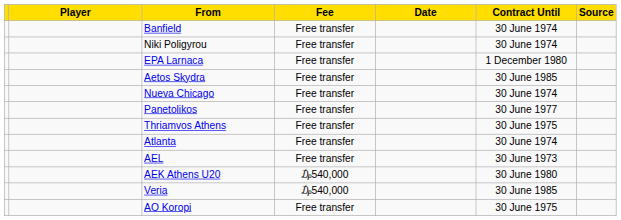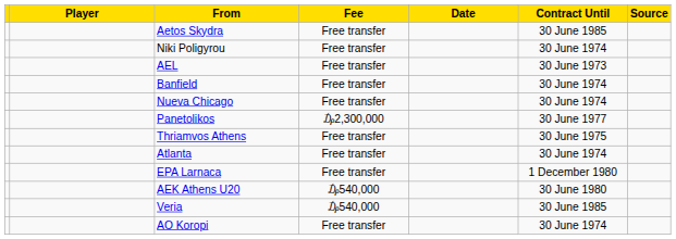 <table class="wikitable sortable">
 <tr>
 <th style="background:#FFDE00"></th>
 <th width=200 style="background:#FFDE00">Player</th>
 <th width=200 style="background:#FFDE00">From</th>
 <th width=150 style="background:#FFDE00">Fee</th>
 <th width=150 style="background:#FFDE00">Date</th>
 <th width=150 style="background:#FFDE00">Contract Until</th>
 <th style="background:#FFDE00">Source</th>
 </tr>
 <tr>
 <td align=center></td>
 <td></td>
-<td> <a href='#'>Banfield</a></td>
+<td> <a href='#'>Aetos Skydra</a></td>
 <td align=center>Free transfer</td>
 <td align=center></td>
-<td align=center>30 June 1974</td>
+<td align=center>30 June 1985</td>
 <td align=center></td>
 </tr>
 <tr>
 <td align=center></td>
 <td></td>
 <td> Niki Poligyrou</td>
 <td align=center>Free transfer</td>
 <td align=center></td>
 <td align=center>30 June 1974</td>
 <td align=center></td>
 </tr>
 <tr>
 <td align=center></td>
 <td></td>
-<td> <a href='#'>EPA Larnaca</a></td>
+<td> <a href='#'>AEL</a></td>
 <td align=center>Free transfer</td>
 <td align=center></td>
-<td align=center>1 December 1980</td>
+<td align=center>30 June 1973</td>
 <td align=center></td>
 </tr>
 <tr>
 <td align=center></td>
 <td></td>
-<td> <a href='#'>Aetos Skydra</a></td>
+<td> <a href='#'>Banfield</a></td>
 <td align=center>Free transfer</td>
 <td align=center></td>
-<td align=center>30 June 1985</td>
+<td align=center>30 June 1974</td>
 <td align=center></td>
 </tr>
 <tr>
 <td align=center></td>
 <td></td>
 <td> <a href='#'>Nueva Chicago</a></td>
 <td align=center>Free transfer</td>
 <td align=center></td>
 <td align=center>30 June 1974</td>
 <td align=center></td>
 </tr>
 <tr>
 <td align=center></td>
 <td></td>
 <td> <a href='#'>Panetolikos</a></td>
-<td align=center>Free transfer</td>
+<td align=center>₯2,300,000</td>
 <td align=center></td>
 <td align=center>30 June 1977</td>
 <td align=center></td>
 </tr>
 <tr>
 <td align=center></td>
 <td></td>
 <td> <a href='#'>Thriamvos Athens</a></td>
 <td align=center>Free transfer</td>
 <td align=center></td>
 <td align=center>30 June 1975</td>
 <td align=center></td>
 </tr>
 <tr>
 <td align=center></td>
 <td></td>
 <td> <a href='#'>Atlanta</a></td>
 <td align=center>Free transfer</td>
 <td align=center></td>
 <td align=center>30 June 1974</td>
 <td align=center></td>
 </tr>
 <tr>
 <td align=center></td>
 <td></td>
-<td> <a href='#'>AEL</a></td>
+<td> <a href='#'>EPA Larnaca</a></td>
 <td align=center>Free transfer</td>
 <td align=center></td>
-<td align=center>30 June 1973</td>
+<td align=center>1 December 1980</td>
 <td align=center></td>
 </tr>
 <tr>
 <td align=center></td>
 <td></td>
 <td> <a href='#'>AEK Athens U20</a></td>
 <td align=center>₯540,000</td>
 <td align=center></td>
 <td align=center>30 June 1980</td>
 <td align=center></td>
 </tr>
 <tr>
 <td align=center></td>
 <td></td>
 <td> <a href='#'>Veria</a></td>
 <td align=center>₯540,000</td>
 <td align=center></td>
 <td align=center>30 June 1985</td>
 <td align=center></td>
 </tr>
 <tr>
 <td align=center></td>
 <td></td>
 <td> <a href='#'>AO Koropi</a></td>
 <td align=center>Free transfer</td>
 <td align=center></td>
-<td align=center>30 June 1975</td>
+<td align=center>30 June 1974</td>
 <td align=center></td>
 </tr>
 </table>
